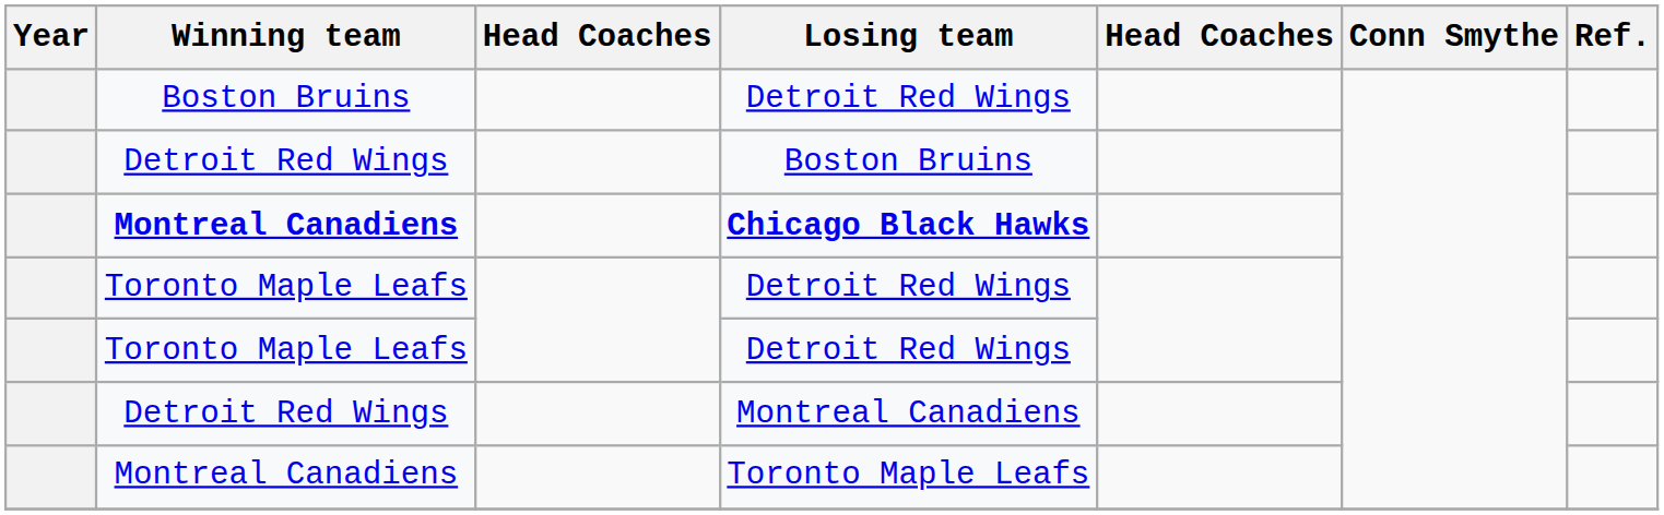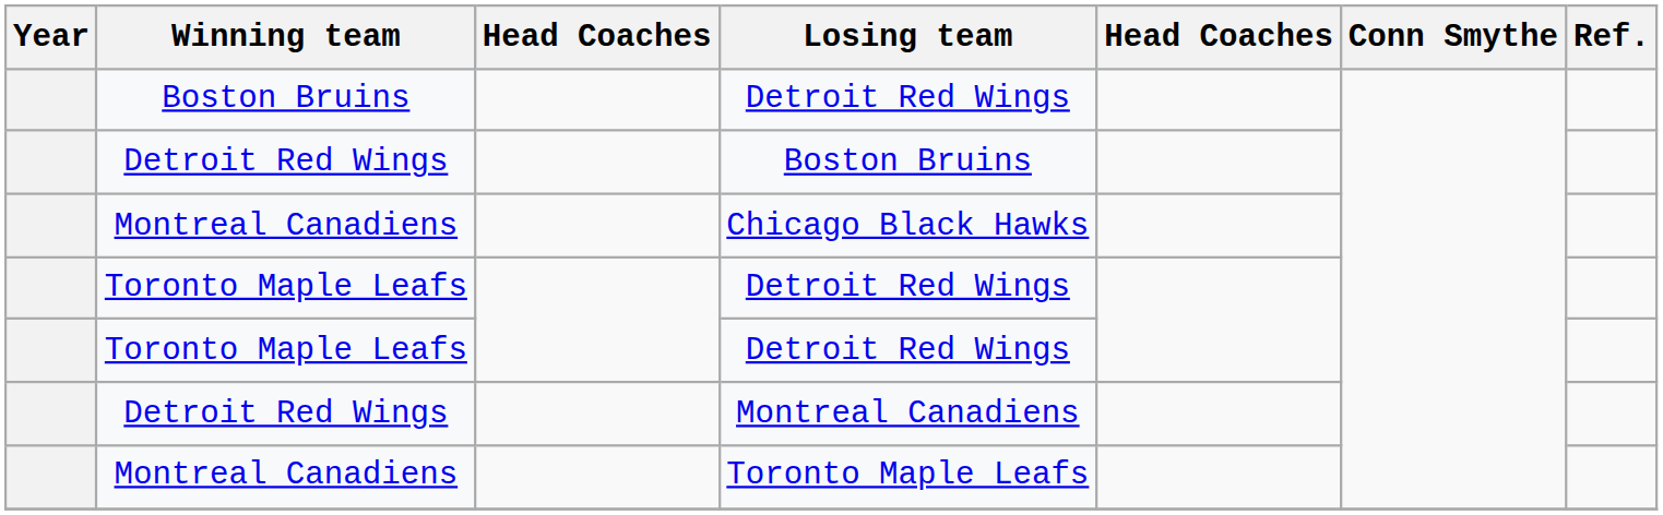 <table class="wikitable sortable sticky-header plainrowheaders" style="font-size:1.00em; line-height:1.5em; text-align:center;">
 <tr>
 <th scope="col">Year</th>
 <th scope="col">Winning team</th>
 <th scope="col">Head Coaches</th>
 <th scope="col">Losing team</th>
 <th scope="col">Head Coaches</th>
 <th scope="col">Conn Smythe</th>
 <th scope="col">Ref.</th>
 </tr>
 <tr>
 <th scope="row" style="text-align:center"></th>
 <td style="background:#f8f9fa;"><a href='#'>Boston Bruins</a></td>
 <td></td>
 <td style="background:#f8f9fa;"><a href='#'>Detroit Red Wings</a></td>
 <td></td>
 <td rowspan="7"></td>
 <td></td>
 </tr>
 <tr>
 <th scope="row" style="text-align:center"></th>
 <td style="background:#f8f9fa;"><a href='#'>Detroit Red Wings</a></td>
 <td></td>
 <td style="background:#f8f9fa;"><a href='#'>Boston Bruins</a></td>
 <td></td>
 <td></td>
 </tr>
 <tr>
 <th scope="row" style="text-align:center"></th>
-<td style="background:#f8f9fa;"><strong><a href='#'>Montreal Canadiens</a></strong></td>
+<td style="background:#f8f9fa;"><a href='#'>Montreal Canadiens</a></td>
 <td></td>
-<td style="background:#f8f9fa;"><strong><a href='#'>Chicago Black Hawks</a></strong></td>
+<td style="background:#f8f9fa;"><a href='#'>Chicago Black Hawks</a></td>
 <td></td>
 <td></td>
 </tr>
 <tr>
 <th scope="row" style="text-align:center"></th>
 <td style="background:#f8f9fa;"><a href='#'>Toronto Maple Leafs</a></td>
 <td rowspan="2"></td>
 <td style="background:#f8f9fa;"><a href='#'>Detroit Red Wings</a></td>
 <td rowspan="2"></td>
 <td></td>
 </tr>
 <tr>
 <th scope="row" style="text-align:center"></th>
 <td style="background:#f8f9fa;"><a href='#'>Toronto Maple Leafs</a></td>
 <td style="background:#f8f9fa;"><a href='#'>Detroit Red Wings</a></td>
 <td></td>
 </tr>
 <tr>
 <th scope="row" style="text-align:center"></th>
 <td style="background:#f8f9fa;"><a href='#'>Detroit Red Wings</a></td>
 <td></td>
 <td style="background:#f8f9fa;"><a href='#'>Montreal Canadiens</a></td>
 <td></td>
 <td></td>
 </tr>
 <tr>
 <th scope="row" style="text-align:center"></th>
 <td style="background:#f8f9fa;"><a href='#'>Montreal Canadiens</a></td>
 <td></td>
 <td style="background:#f8f9fa;"><a href='#'>Toronto Maple Leafs</a></td>
 <td></td>
 <td></td>
 </tr>
 <tr>
 </tr>
 </table>
